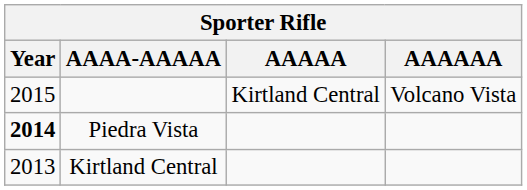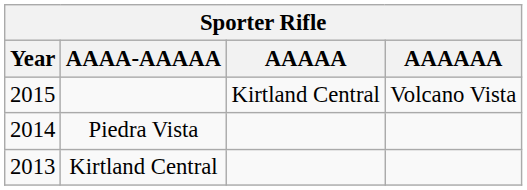 <table class="wikitable" style="text-align:center">
 <tr>
 <th colspan="4">Sporter Rifle</th>
 </tr>
 <tr>
 <th>Year</th>
 <th>AAAA-AAAAA</th>
 <th>AAAAA</th>
 <th>AAAAAA</th>
 </tr>
 <tr>
 <td>2015</td>
 <td></td>
 <td>Kirtland Central</td>
 <td>Volcano Vista</td>
 </tr>
 <tr>
-<td><strong>2014</strong></td>
+<td>2014</td>
 <td>Piedra Vista</td>
 <td></td>
 <td></td>
 </tr>
 <tr>
 <td>2013</td>
 <td>Kirtland Central</td>
 <td></td>
 <td></td>
 </tr>
 </table>
